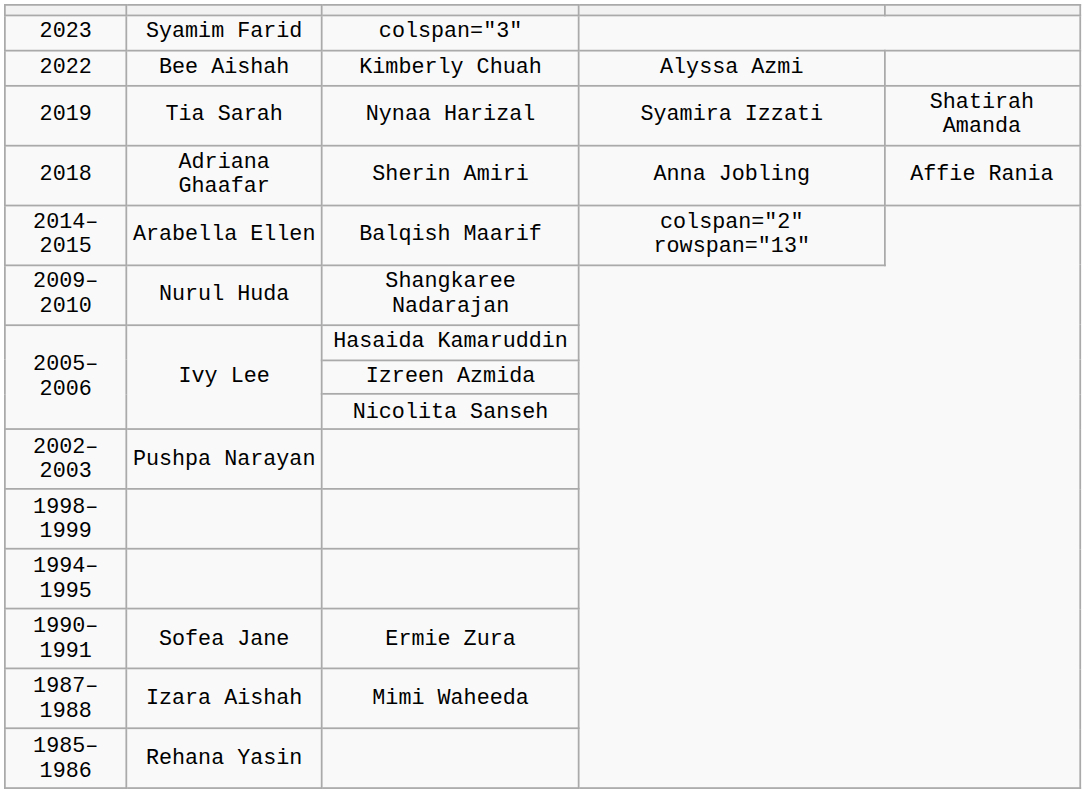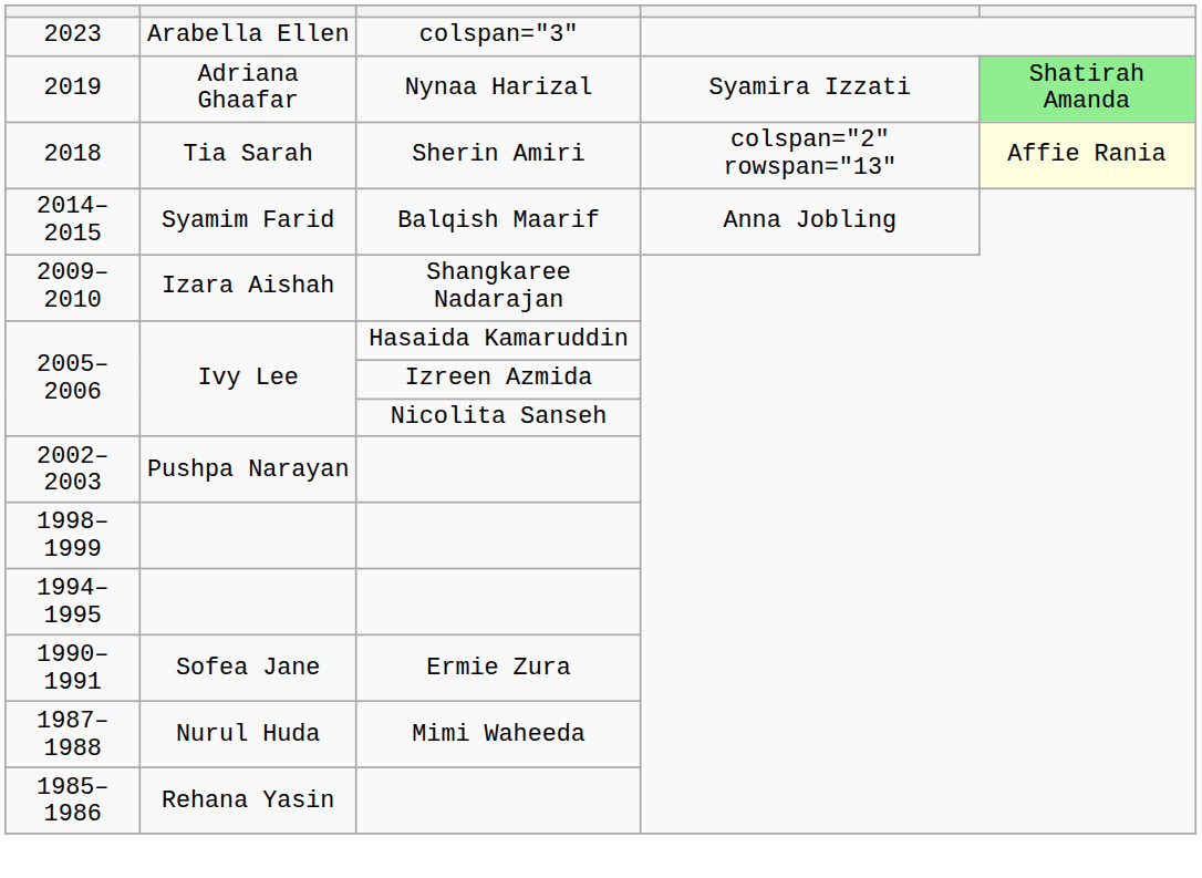 <table class="wikitable sortable" style="font-size: 95%; text-align:center">
 <tr>
 <th></th>
 <th></th>
 <th></th>
 <th></th>
 <th></th>
 </tr>
 <tr>
 <td>2023</td>
-<td>Syamim Farid</td>
+<td>Arabella Ellen</td>
 <td>colspan="3" </td>
 </tr>
 <tr>
-<td>2022</td>
-<td>Bee Aishah</td>
-<td>Kimberly Chuah</td>
-<td>Alyssa Azmi</td>
-<td></td>
-</tr>
-<tr>
 <td>2019</td>
-<td>Tia Sarah</td>
+<td>Adriana Ghaafar</td>
 <td>Nynaa Harizal</td>
 <td>Syamira Izzati</td>
-<td>Shatirah Amanda</td>
+<td style="background: lightgreen;">Shatirah Amanda</td>
 </tr>
 <tr>
 <td>2018</td>
-<td>Adriana Ghaafar</td>
+<td>Tia Sarah</td>
 <td>Sherin Amiri</td>
-<td>Anna Jobling</td>
-<td>Affie Rania</td>
+<td>colspan="2" rowspan="13" </td>
+<td style="background: lightyellow;">Affie Rania</td>
 </tr>
 <tr>
 <td>2014–2015</td>
-<td>Arabella Ellen</td>
+<td>Syamim Farid</td>
 <td>Balqish Maarif</td>
-<td>colspan="2" rowspan="13" </td>
+<td>Anna Jobling</td>
 </tr>
 <tr>
 <td>2009–2010</td>
-<td>Nurul Huda</td>
+<td>Izara Aishah</td>
 <td>Shangkaree Nadarajan</td>
 </tr>
 <tr>
 <td rowspan="3">2005–2006</td>
 <td rowspan="3">Ivy Lee</td>
 <td>Hasaida Kamaruddin</td>
 </tr>
 <tr>
 <td>Izreen Azmida</td>
 </tr>
 <tr>
 <td>Nicolita Sanseh</td>
 </tr>
 <tr>
 <td>2002–2003</td>
 <td>Pushpa Narayan</td>
 <td></td>
 </tr>
 <tr>
 <td>1998–1999</td>
 <td></td>
 <td></td>
 </tr>
 <tr>
 <td>1994–1995</td>
 <td></td>
 <td></td>
 </tr>
 <tr>
 <td>1990–1991</td>
 <td>Sofea Jane</td>
 <td>Ermie Zura</td>
 </tr>
 <tr>
 <td>1987–1988</td>
-<td>Izara Aishah</td>
+<td>Nurul Huda</td>
 <td>Mimi Waheeda</td>
 </tr>
 <tr>
 <td>1985–1986</td>
 <td>Rehana Yasin</td>
 <td></td>
 </tr>
 </table>
